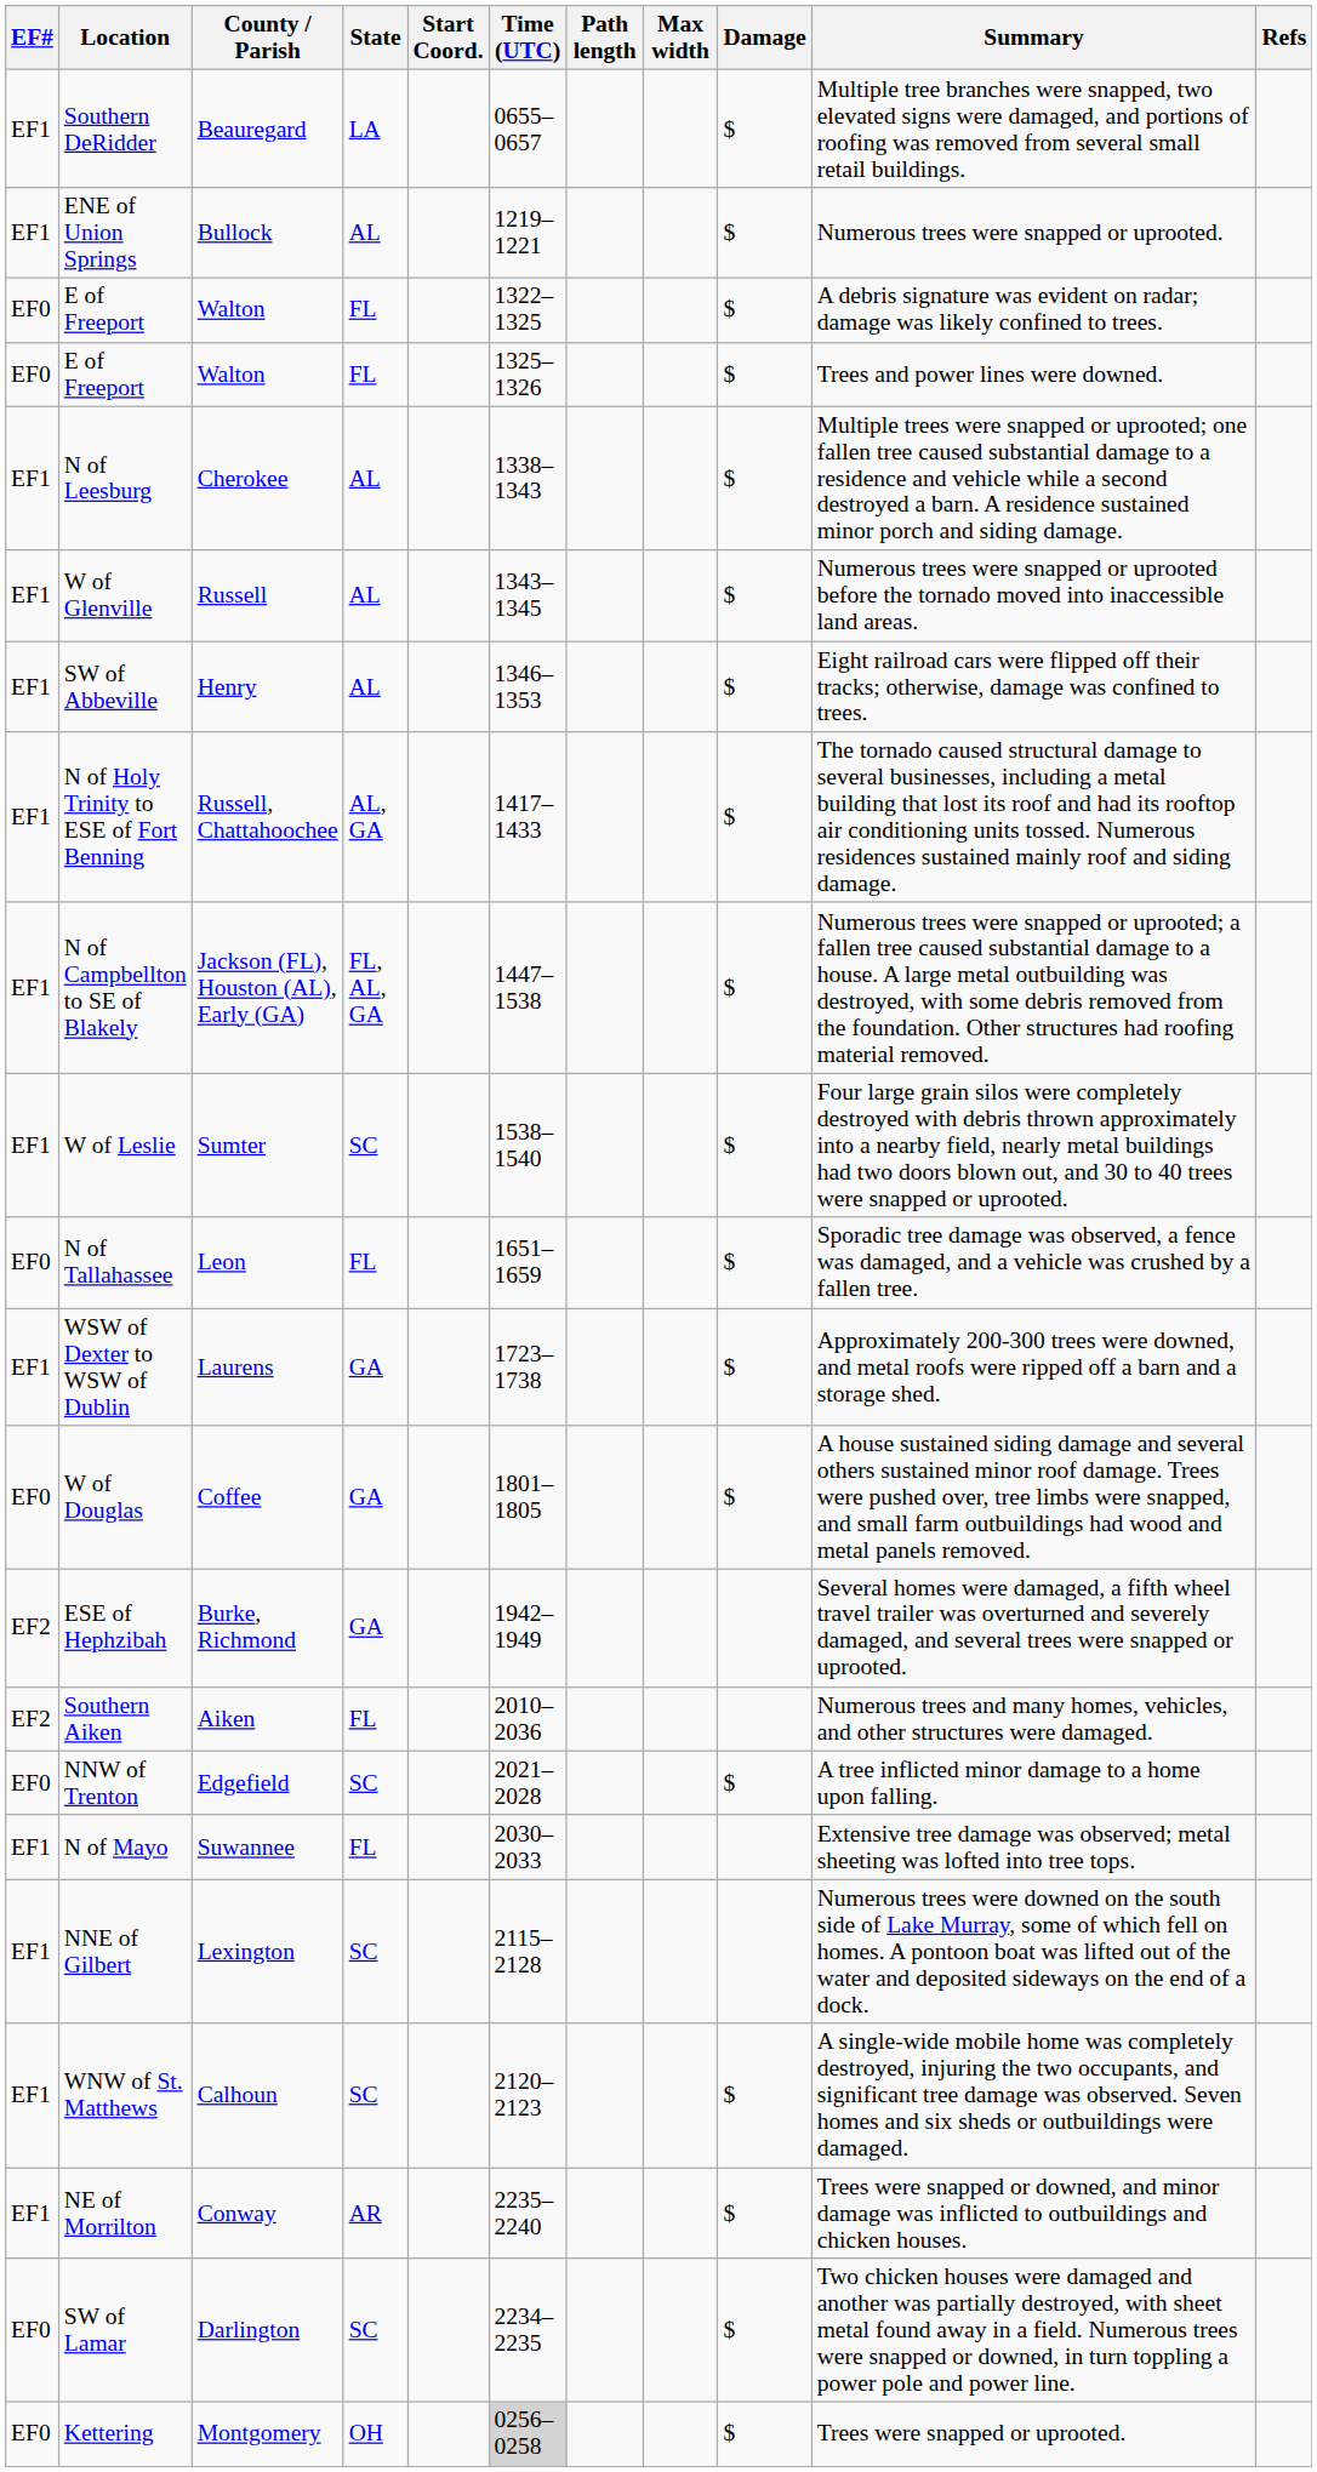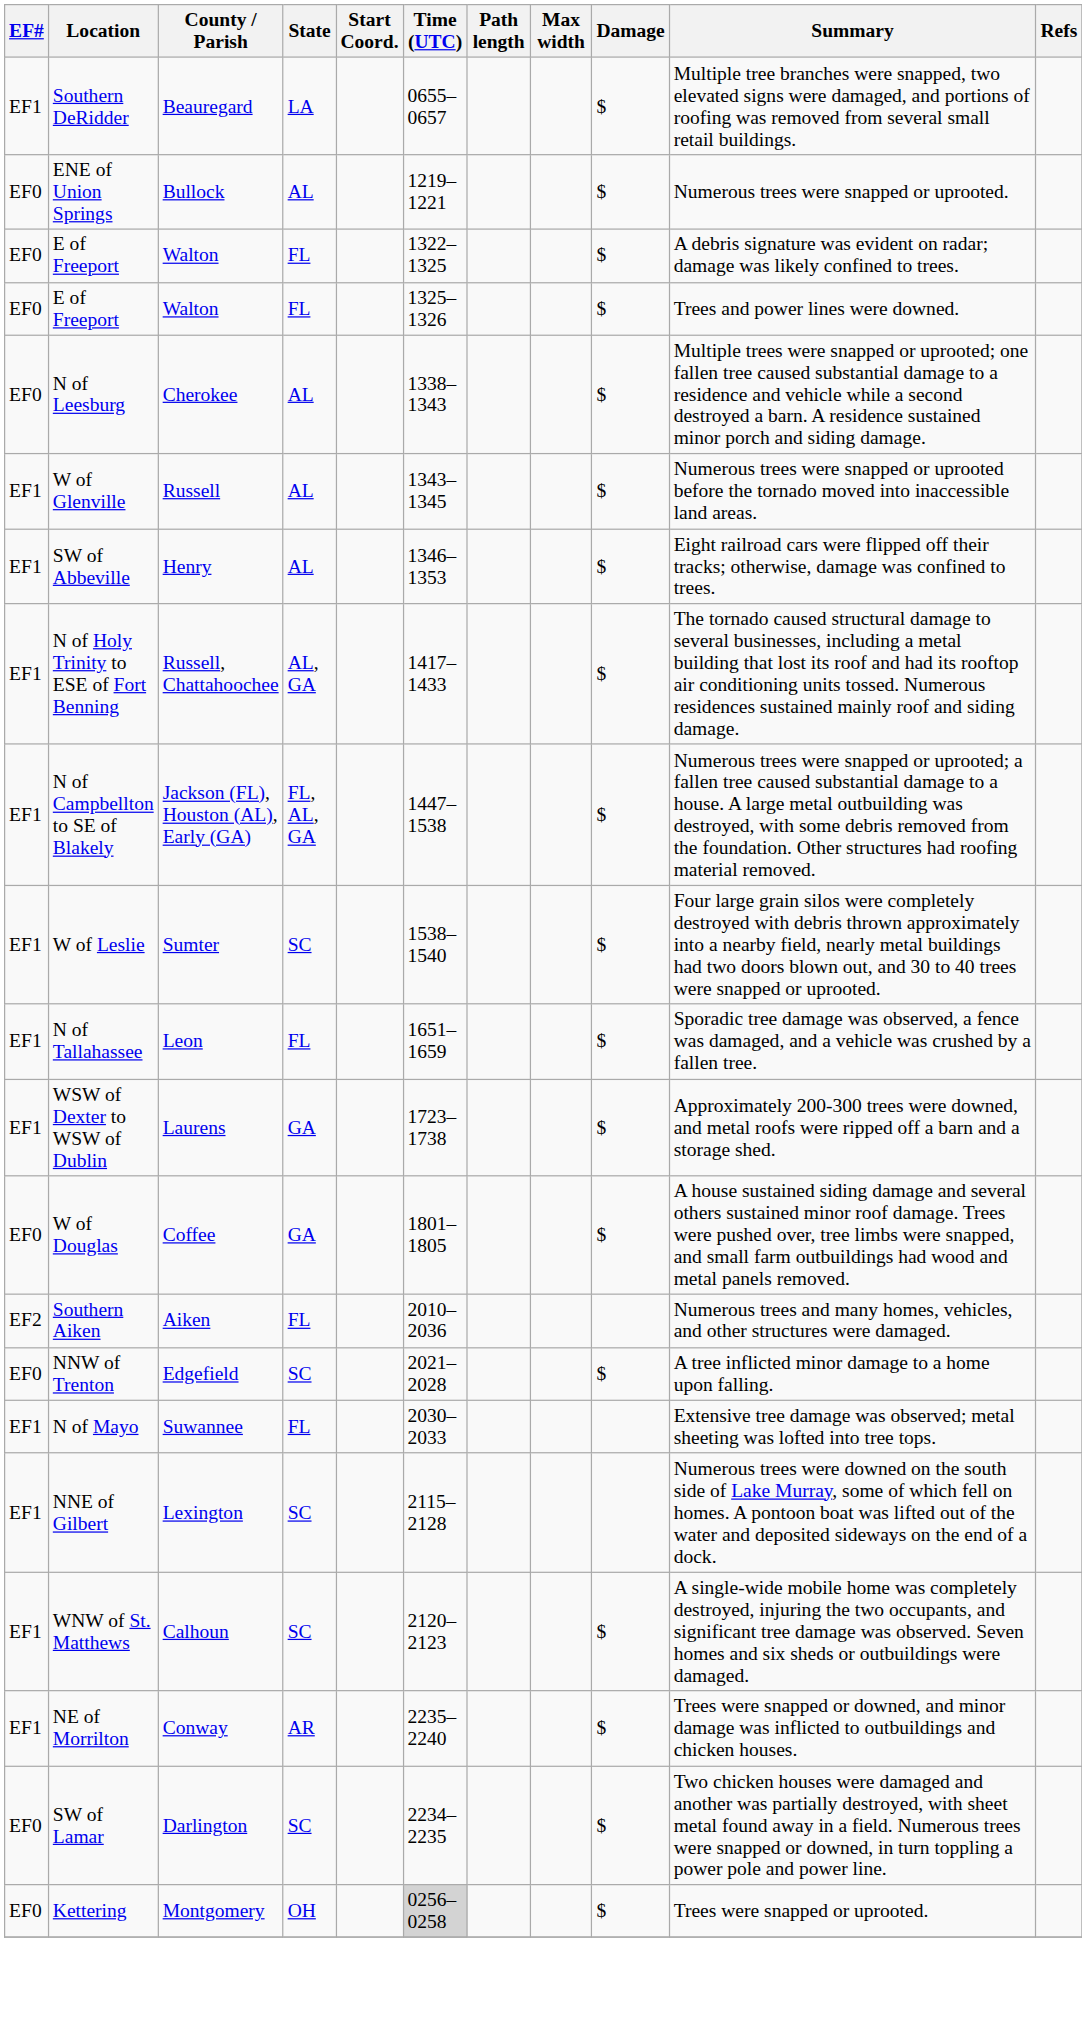 <table class="wikitable sortable" style="width:100%;">
 <tr>
 <th scope="col" width="3%" align="center"><a href='#'>EF#</a></th>
 <th scope="col" width="7%" align="center" class="unsortable">Location</th>
 <th scope="col" width="6%" align="center" class="unsortable">County / Parish</th>
 <th scope="col" width="5%" align="center">State</th>
 <th scope="col" width="6%" align="center">Start Coord.</th>
 <th scope="col" width="6%" align="center">Time (<a href='#'>UTC</a>)</th>
 <th scope="col" width="6%" align="center">Path length</th>
 <th scope="col" width="6%" align="center">Max width</th>
 <th scope="col" width="6%" align="center">Damage</th>
 <th scope="col" width="48%" class="unsortable" align="center">Summary</th>
 <th scope="col" width="48%" class="unsortable" align="center">Refs</th>
 </tr>
 <tr>
 <td>EF1</td>
 <td><a href='#'>Southern DeRidder</a></td>
 <td><a href='#'>Beauregard</a></td>
 <td><a href='#'>LA</a></td>
 <td></td>
 <td>0655–0657</td>
 <td></td>
 <td></td>
 <td>$</td>
 <td>Multiple tree branches were snapped, two elevated signs were damaged, and portions of roofing was removed from several small retail buildings.</td>
 <td></td>
 </tr>
 <tr>
-<td>EF1</td>
+<td>EF0</td>
 <td>ENE of <a href='#'>Union Springs</a></td>
 <td><a href='#'>Bullock</a></td>
 <td><a href='#'>AL</a></td>
 <td></td>
 <td>1219–1221</td>
 <td></td>
 <td></td>
 <td>$</td>
 <td>Numerous trees were snapped or uprooted.</td>
 <td></td>
 </tr>
 <tr>
 <td>EF0</td>
 <td>E of <a href='#'>Freeport</a></td>
 <td><a href='#'>Walton</a></td>
 <td><a href='#'>FL</a></td>
 <td></td>
 <td>1322–1325</td>
 <td></td>
 <td></td>
 <td>$</td>
 <td>A debris signature was evident on radar; damage was likely confined to trees.</td>
 <td></td>
 </tr>
 <tr>
 <td>EF0</td>
 <td>E of <a href='#'>Freeport</a></td>
 <td><a href='#'>Walton</a></td>
 <td><a href='#'>FL</a></td>
 <td></td>
 <td>1325–1326</td>
 <td></td>
 <td></td>
 <td>$</td>
 <td>Trees and power lines were downed.</td>
 <td></td>
 </tr>
 <tr>
-<td>EF1</td>
+<td>EF0</td>
 <td>N of <a href='#'>Leesburg</a></td>
 <td><a href='#'>Cherokee</a></td>
 <td><a href='#'>AL</a></td>
 <td></td>
 <td>1338–1343</td>
 <td></td>
 <td></td>
 <td>$</td>
 <td>Multiple trees were snapped or uprooted; one fallen tree caused substantial damage to a residence and vehicle while a second destroyed a barn. A residence sustained minor porch and siding damage.</td>
 <td></td>
 </tr>
 <tr>
 <td>EF1</td>
 <td>W of <a href='#'>Glenville</a></td>
 <td><a href='#'>Russell</a></td>
 <td><a href='#'>AL</a></td>
 <td></td>
 <td>1343–1345</td>
 <td></td>
 <td></td>
 <td>$</td>
 <td>Numerous trees were snapped or uprooted before the tornado moved into inaccessible land areas.</td>
 <td></td>
 </tr>
 <tr>
 <td>EF1</td>
 <td>SW of <a href='#'>Abbeville</a></td>
 <td><a href='#'>Henry</a></td>
 <td><a href='#'>AL</a></td>
 <td></td>
 <td>1346–1353</td>
 <td></td>
 <td></td>
 <td>$</td>
 <td>Eight railroad cars were flipped off their tracks; otherwise, damage was confined to trees.</td>
 <td></td>
 </tr>
 <tr>
 <td>EF1</td>
 <td>N of <a href='#'>Holy Trinity</a> to ESE of <a href='#'>Fort Benning</a></td>
 <td><a href='#'>Russell</a>, <a href='#'>Chattahoochee</a></td>
 <td><a href='#'>AL</a>, <a href='#'>GA</a></td>
 <td></td>
 <td>1417–1433</td>
 <td></td>
 <td></td>
 <td>$</td>
 <td>The tornado caused structural damage to several businesses, including a metal building that lost its roof and had its rooftop air conditioning units tossed. Numerous residences sustained mainly roof and siding damage.</td>
 <td></td>
 </tr>
 <tr>
 <td>EF1</td>
 <td>N of <a href='#'>Campbellton</a> to SE of <a href='#'>Blakely</a></td>
 <td><a href='#'>Jackson (FL)</a>, <a href='#'>Houston (AL)</a>, <a href='#'>Early (GA)</a></td>
 <td><a href='#'>FL</a>, <a href='#'>AL</a>, <a href='#'>GA</a></td>
 <td></td>
 <td>1447–1538</td>
 <td></td>
 <td></td>
 <td>$</td>
 <td>Numerous trees were snapped or uprooted; a fallen tree caused substantial damage to a house. A large metal outbuilding was destroyed, with some debris removed from the foundation. Other structures had roofing material removed.</td>
 <td><br></td>
 </tr>
 <tr>
 <td>EF1</td>
 <td>W of <a href='#'>Leslie</a></td>
 <td><a href='#'>Sumter</a></td>
 <td><a href='#'>SC</a></td>
 <td></td>
 <td>1538–1540</td>
 <td></td>
 <td></td>
 <td>$</td>
 <td>Four large grain silos were completely destroyed with debris thrown approximately  into a nearby field, nearly metal buildings had two doors blown out, and 30 to 40 trees were snapped or uprooted.</td>
 <td></td>
 </tr>
 <tr>
-<td>EF0</td>
+<td>EF1</td>
 <td>N of <a href='#'>Tallahassee</a></td>
 <td><a href='#'>Leon</a></td>
 <td><a href='#'>FL</a></td>
 <td></td>
 <td>1651–1659</td>
 <td></td>
 <td></td>
 <td>$</td>
 <td>Sporadic tree damage was observed, a fence was damaged, and a vehicle was crushed by a fallen tree.</td>
 <td></td>
 </tr>
 <tr>
 <td>EF1</td>
 <td>WSW of <a href='#'>Dexter</a> to WSW of <a href='#'>Dublin</a></td>
 <td><a href='#'>Laurens</a></td>
 <td><a href='#'>GA</a></td>
 <td></td>
 <td>1723–1738</td>
 <td></td>
 <td></td>
 <td>$</td>
 <td>Approximately 200-300 trees were downed, and metal roofs were ripped off a barn and a storage shed.</td>
 <td></td>
 </tr>
 <tr>
 <td>EF0</td>
 <td>W of <a href='#'>Douglas</a></td>
 <td><a href='#'>Coffee</a></td>
 <td><a href='#'>GA</a></td>
 <td></td>
 <td>1801–1805</td>
 <td></td>
 <td></td>
 <td>$</td>
 <td>A house sustained siding damage and several others sustained minor roof damage. Trees were pushed over, tree limbs were snapped, and small farm outbuildings had wood and metal panels removed.</td>
-<td></td>
-</tr>
-<tr>
-<td>EF2</td>
-<td>ESE of <a href='#'>Hephzibah</a></td>
-<td><a href='#'>Burke</a>, <a href='#'>Richmond</a></td>
-<td><a href='#'>GA</a></td>
-<td></td>
-<td>1942–1949</td>
-<td></td>
-<td></td>
-<td></td>
-<td>Several homes were damaged, a fifth wheel travel trailer was overturned and severely damaged, and several trees were snapped or uprooted.</td>
 <td></td>
 </tr>
 <tr>
 <td>EF2</td>
 <td><a href='#'>Southern Aiken</a></td>
 <td><a href='#'>Aiken</a></td>
 <td><a href='#'>FL</a></td>
 <td></td>
 <td>2010–2036</td>
 <td></td>
 <td></td>
 <td></td>
 <td>Numerous trees and many homes, vehicles, and other structures were damaged.</td>
 <td></td>
 </tr>
 <tr>
 <td>EF0</td>
 <td>NNW of <a href='#'>Trenton</a></td>
 <td><a href='#'>Edgefield</a></td>
 <td><a href='#'>SC</a></td>
 <td></td>
 <td>2021–2028</td>
 <td></td>
 <td></td>
 <td>$</td>
 <td>A tree inflicted minor damage to a home upon falling.</td>
 <td></td>
 </tr>
 <tr>
 <td>EF1</td>
 <td>N of <a href='#'>Mayo</a></td>
 <td><a href='#'>Suwannee</a></td>
 <td><a href='#'>FL</a></td>
 <td></td>
 <td>2030–2033</td>
 <td></td>
 <td></td>
 <td></td>
 <td>Extensive tree damage was observed; metal sheeting was lofted into tree tops.</td>
 <td></td>
 </tr>
 <tr>
 <td>EF1</td>
 <td>NNE of <a href='#'>Gilbert</a></td>
 <td><a href='#'>Lexington</a></td>
 <td><a href='#'>SC</a></td>
 <td></td>
 <td>2115–2128</td>
 <td></td>
 <td></td>
 <td></td>
 <td>Numerous trees were downed on the south side of <a href='#'>Lake Murray</a>, some of which fell on homes. A pontoon boat was lifted out of the water and deposited sideways on the end of a dock.</td>
 <td></td>
 </tr>
 <tr>
 <td>EF1</td>
 <td>WNW of <a href='#'>St. Matthews</a></td>
 <td><a href='#'>Calhoun</a></td>
 <td><a href='#'>SC</a></td>
 <td></td>
 <td>2120–2123</td>
 <td></td>
 <td></td>
 <td>$</td>
 <td>A single-wide mobile home was completely destroyed, injuring the two occupants, and significant tree damage was observed. Seven homes and six sheds or outbuildings were damaged.</td>
 <td></td>
 </tr>
 <tr>
 <td>EF1</td>
 <td>NE of <a href='#'>Morrilton</a></td>
 <td><a href='#'>Conway</a></td>
 <td><a href='#'>AR</a></td>
 <td></td>
 <td>2235–2240</td>
 <td></td>
 <td></td>
 <td>$</td>
 <td>Trees were snapped or downed, and minor damage was inflicted to outbuildings and chicken houses.</td>
 <td></td>
 </tr>
 <tr>
 <td>EF0</td>
 <td>SW of <a href='#'>Lamar</a></td>
 <td><a href='#'>Darlington</a></td>
 <td><a href='#'>SC</a></td>
 <td></td>
 <td>2234–2235</td>
 <td></td>
 <td></td>
 <td>$</td>
 <td>Two chicken houses were damaged and another was partially destroyed, with sheet metal found  away in a field. Numerous trees were snapped or downed, in turn toppling a power pole and power line.</td>
 <td></td>
 </tr>
 <tr>
 <td>EF0</td>
 <td><a href='#'>Kettering</a></td>
 <td><a href='#'>Montgomery</a></td>
 <td><a href='#'>OH</a></td>
 <td></td>
 <td style="background: lightgrey;">0256–0258</td>
 <td></td>
 <td></td>
 <td>$</td>
 <td>Trees were snapped or uprooted.</td>
 <td></td>
 </tr>
 <tr>
 </tr>
 </table>
